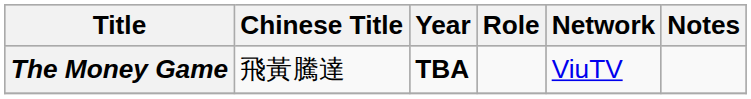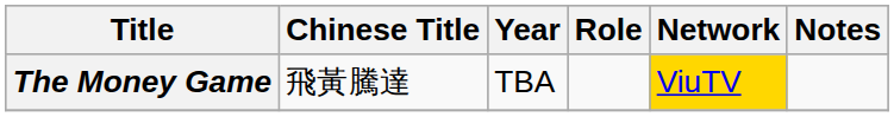 <table class="wikitable plainrowheaders">
 <tr>
 <th>Title</th>
 <th>Chinese Title</th>
 <th>Year</th>
 <th>Role</th>
 <th>Network</th>
 <th>Notes</th>
 </tr>
 <tr>
 <th scope=row><em>The Money Game</em></th>
 <td>飛黃騰達</td>
-<td><strong>TBA</strong></td>
+<td>TBA</td>
 <td></td>
-<td rowspan="1"><a href='#'>ViuTV</a></td>
+<td rowspan="1" style="background: gold;"><a href='#'>ViuTV</a></td>
 <td></td>
 </tr>
 <tr>
 </tr>
 </table>
